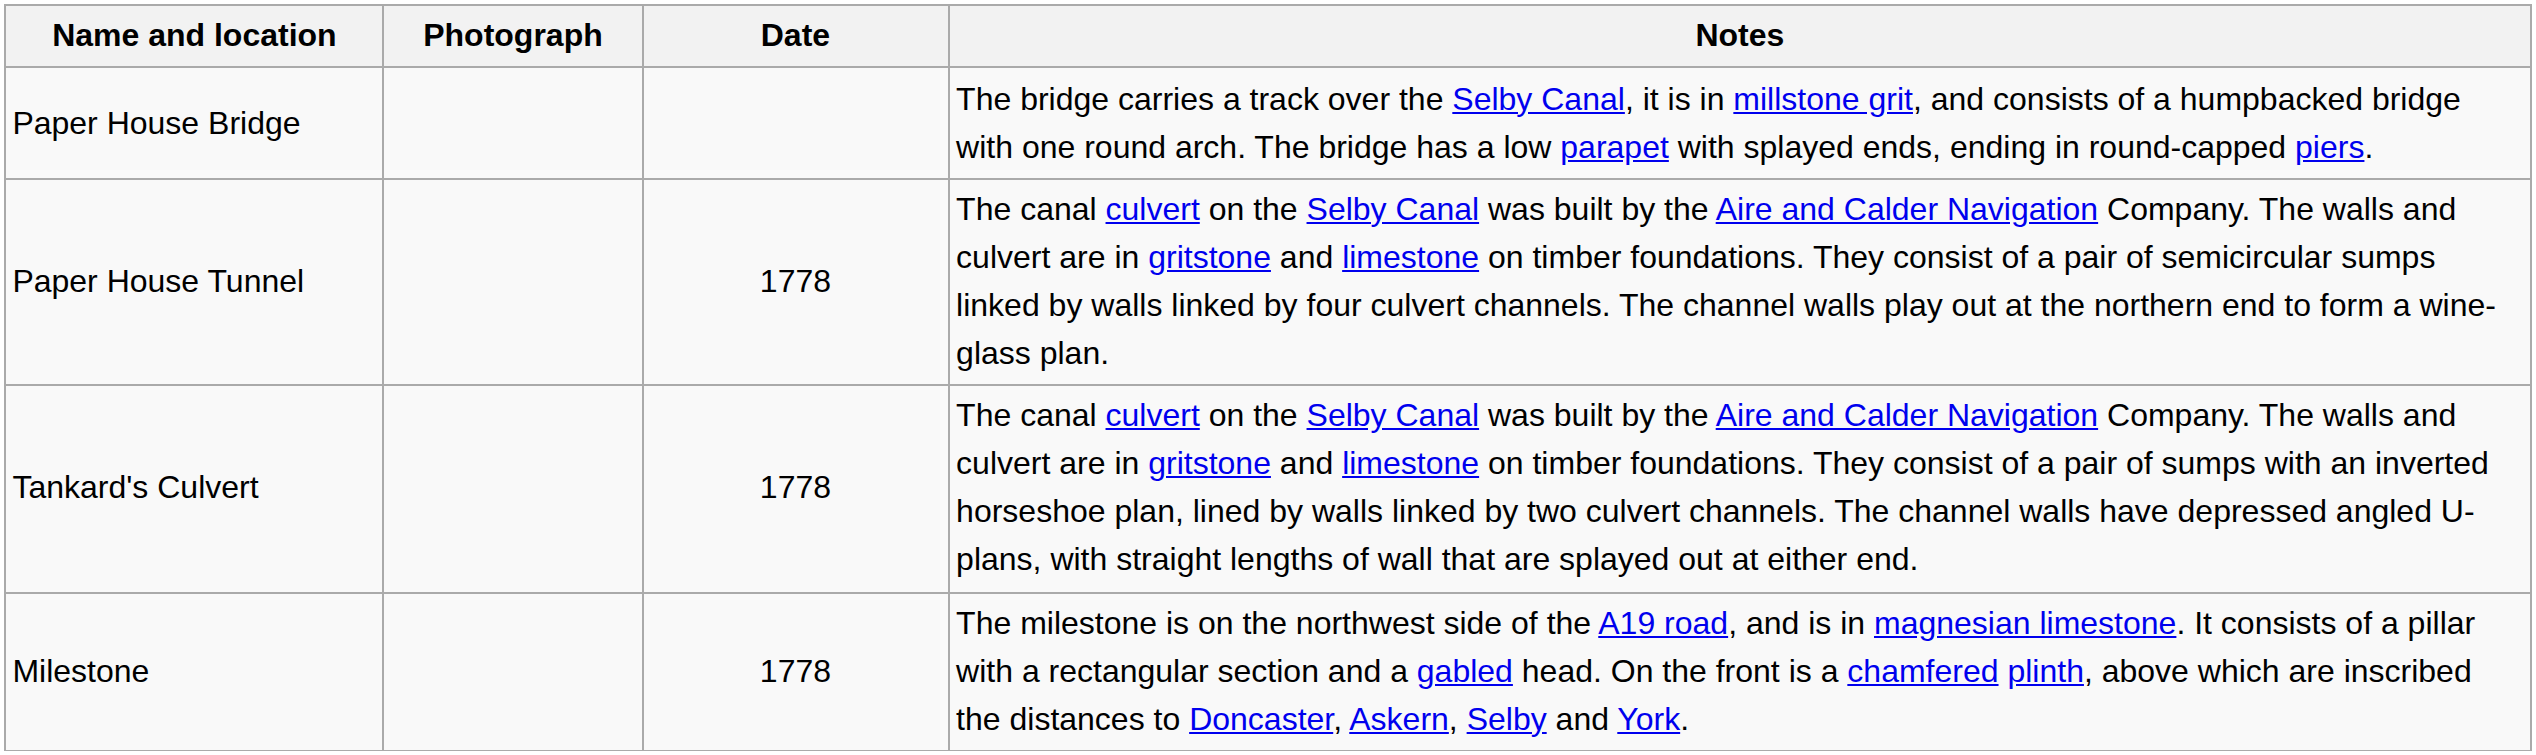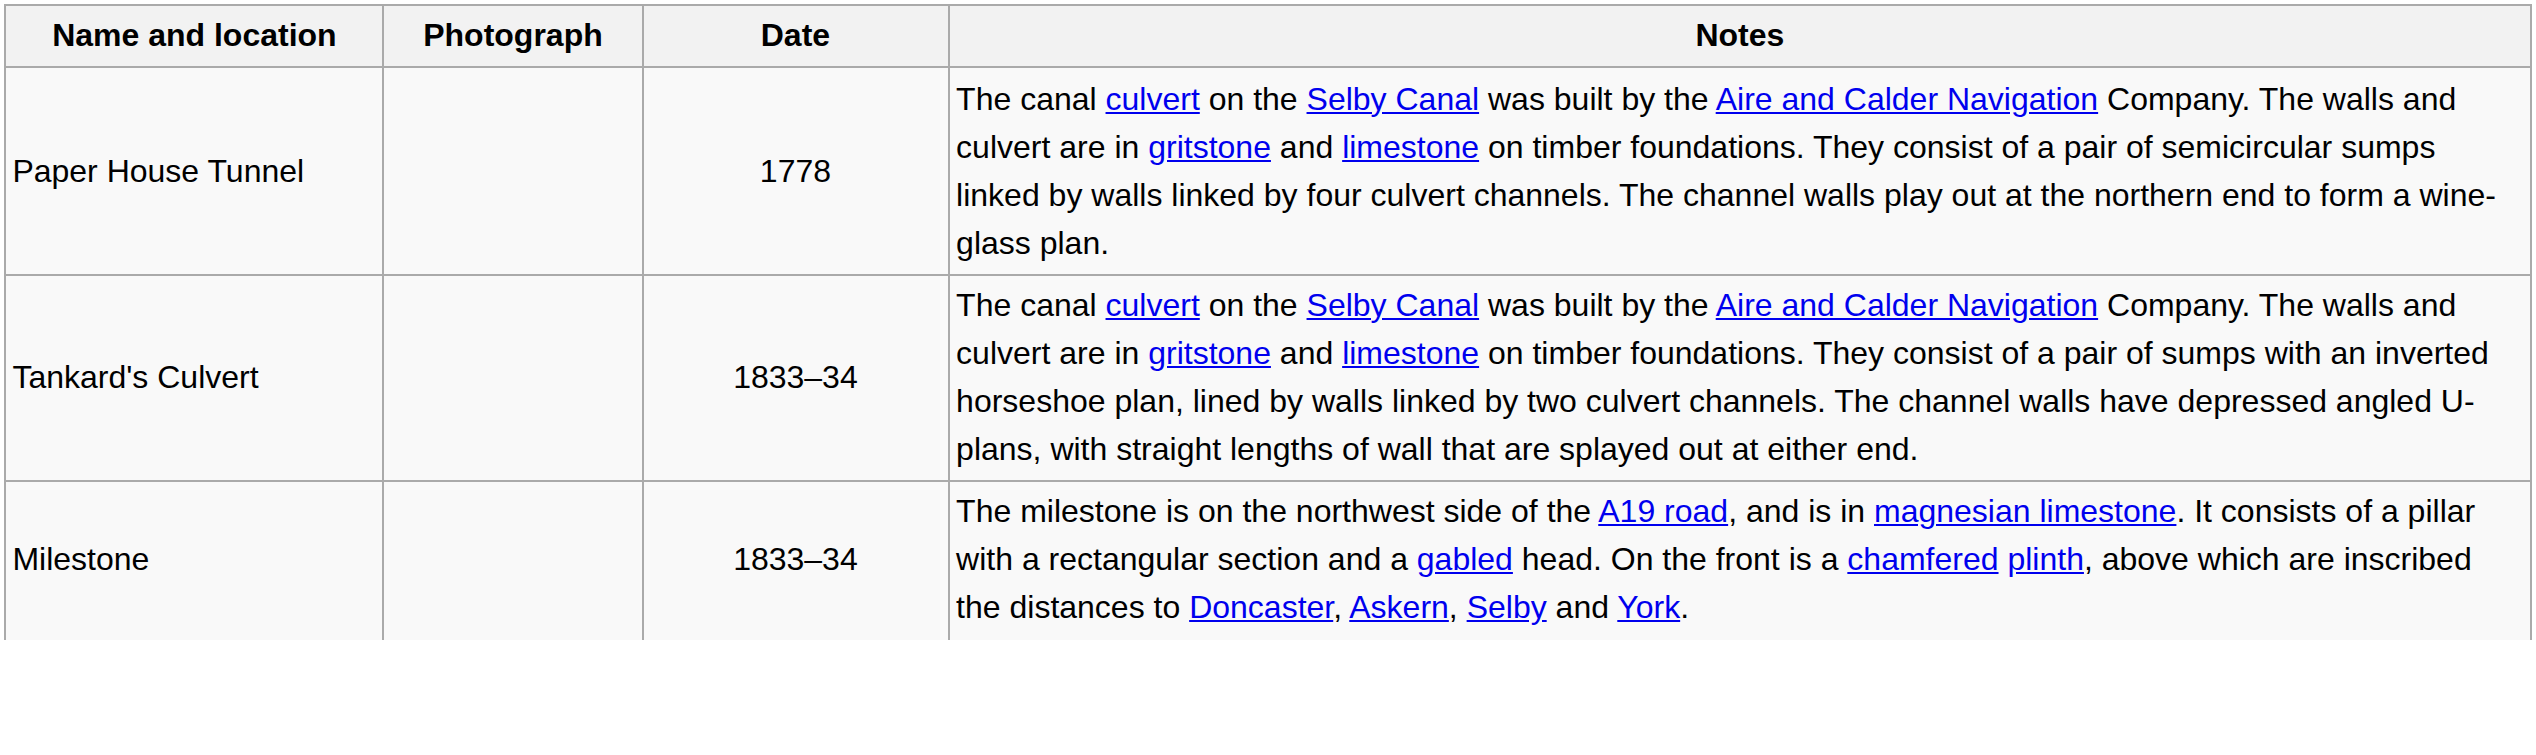 <table class="wikitable sortable plainrowheaders" style="width:100%;border:0px;text-align:left;line-height:150%;">
 <tr>
 <th scope="col"  style="width:150px">Name and location</th>
 <th scope="col"  style="width:100px" class="unsortable">Photograph</th>
 <th scope="col"  style="width:120px">Date</th>
 <th scope="col"  style="width:650px" class="unsortable">Notes</th>
-</tr>
-<tr>
-<td>Paper House Bridge<br><small></small></td>
-<td></td>
-<td align="center"></td>
-<td>The bridge carries a track over the <a href='#'>Selby Canal</a>, it is in <a href='#'>millstone grit</a>, and consists of a humpbacked bridge with one round arch.  The bridge has a low <a href='#'>parapet</a> with splayed ends, ending in round-capped <a href='#'>piers</a>.</td>
 </tr>
 <tr>
 <td>Paper House Tunnel<br><small></small></td>
 <td></td>
 <td align="center">1778</td>
 <td>The canal <a href='#'>culvert</a> on the <a href='#'>Selby Canal</a> was built by the <a href='#'>Aire and Calder Navigation</a> Company. The walls and culvert are in <a href='#'>gritstone</a> and <a href='#'>limestone</a> on timber foundations.  They consist of a pair of semicircular sumps linked by walls linked by four culvert channels.  The channel walls play out at the northern end to form a wine-glass plan.</td>
 </tr>
 <tr>
 <td>Tankard's Culvert<br><small></small></td>
 <td></td>
-<td align="center">1778</td>
+<td align="center">1833–34</td>
 <td>The canal <a href='#'>culvert</a> on the <a href='#'>Selby Canal</a> was built by the <a href='#'>Aire and Calder Navigation</a> Company. The walls and culvert are in <a href='#'>gritstone</a> and <a href='#'>limestone</a> on timber foundations.  They consist of a pair of sumps with an inverted horseshoe plan, lined by walls linked by two culvert channels.  The channel walls have depressed angled U-plans, with straight lengths of wall that are splayed out at either end.</td>
 </tr>
 <tr>
 <td>Milestone<br><small></small></td>
 <td></td>
-<td align="center">1778</td>
+<td align="center">1833–34</td>
 <td>The milestone is on the northwest side of the <a href='#'>A19 road</a>, and is in <a href='#'>magnesian limestone</a>.  It consists of a pillar with a rectangular section and a <a href='#'>gabled</a> head.  On the front is a <a href='#'>chamfered</a> <a href='#'>plinth</a>, above which are inscribed the distances to <a href='#'>Doncaster</a>, <a href='#'>Askern</a>, <a href='#'>Selby</a> and <a href='#'>York</a>.</td>
 </tr>
 <tr>
 </tr>
 </table>
